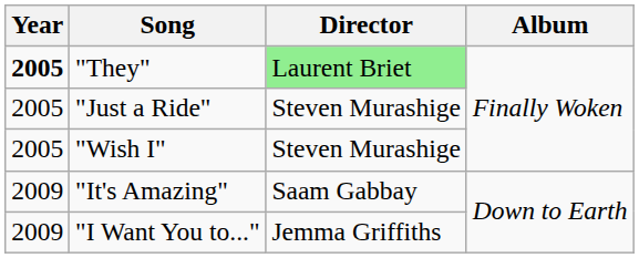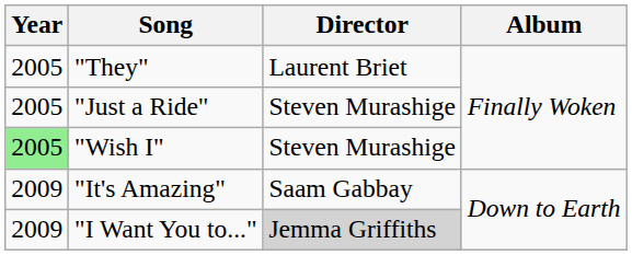 <table class="wikitable plainrowheaders">
 <tr>
 <th scope="col">Year</th>
 <th scope="col">Song</th>
 <th scope="col">Director</th>
 <th scope="col">Album</th>
 </tr>
 <tr>
-<td><strong>2005</strong></td>
+<td>2005</td>
 <td>"They"</td>
-<td style="background: lightgreen;">Laurent Briet</td>
+<td>Laurent Briet</td>
 <td rowspan=3><em>Finally Woken</em></td>
 </tr>
 <tr>
 <td>2005</td>
 <td>"Just a Ride"</td>
 <td>Steven Murashige</td>
 </tr>
 <tr>
-<td>2005</td>
+<td style="background: lightgreen;">2005</td>
 <td>"Wish I"</td>
 <td>Steven Murashige</td>
 </tr>
 <tr>
 <td>2009</td>
 <td>"It's Amazing"</td>
 <td>Saam Gabbay</td>
 <td rowspan=2><em>Down to Earth</em></td>
 </tr>
 <tr>
 <td>2009</td>
 <td>"I Want You to..."</td>
-<td>Jemma Griffiths</td>
+<td style="background: lightgrey;">Jemma Griffiths</td>
 </tr>
 </table>
